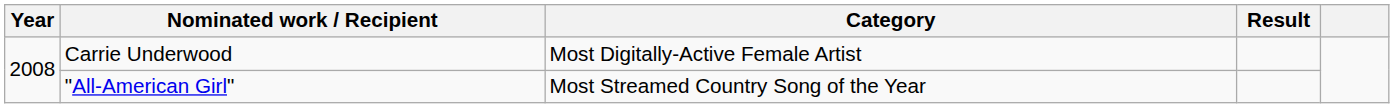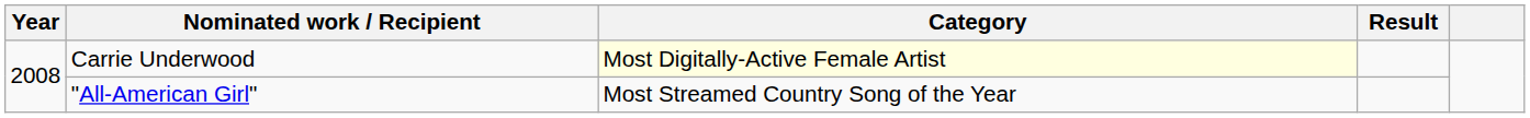 <table class="wikitable plainrowheaders" style="width:85%;">
 <tr>
 <th scope="col" style="width:4%;">Year</th>
 <th scope="col" style="width:35%;">Nominated work / Recipient</th>
 <th scope="col" style="width:50%;">Category</th>
 <th scope="col" style="width:6%;">Result</th>
 <th scope="col" style="width:6%;"></th>
 </tr>
 <tr>
 <td rowspan=2>2008</td>
 <td>Carrie Underwood</td>
-<td>Most Digitally-Active Female Artist</td>
+<td style="background: lightyellow;">Most Digitally-Active Female Artist</td>
 <td></td>
 <td rowspan=2></td>
 </tr>
 <tr>
 <td>"<a href='#'>All-American Girl</a>"</td>
 <td>Most Streamed Country Song of the Year</td>
 <td></td>
 </tr>
 </table>
